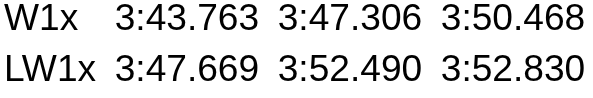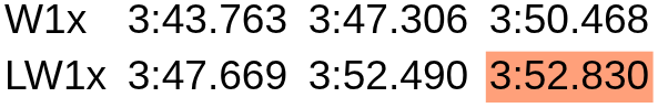 <table>
 <tr>
 <td>W1x<br></td>
 <td></td>
 <td>3:43.763</td>
 <td></td>
 <td>3:47.306</td>
 <td></td>
 <td>3:50.468</td>
 </tr>
 <tr>
 <td>LW1x<br></td>
 <td></td>
 <td>3:47.669</td>
 <td></td>
 <td>3:52.490</td>
 <td></td>
-<td>3:52.830</td>
+<td style="background: lightsalmon;">3:52.830</td>
 </tr>
 </table>
